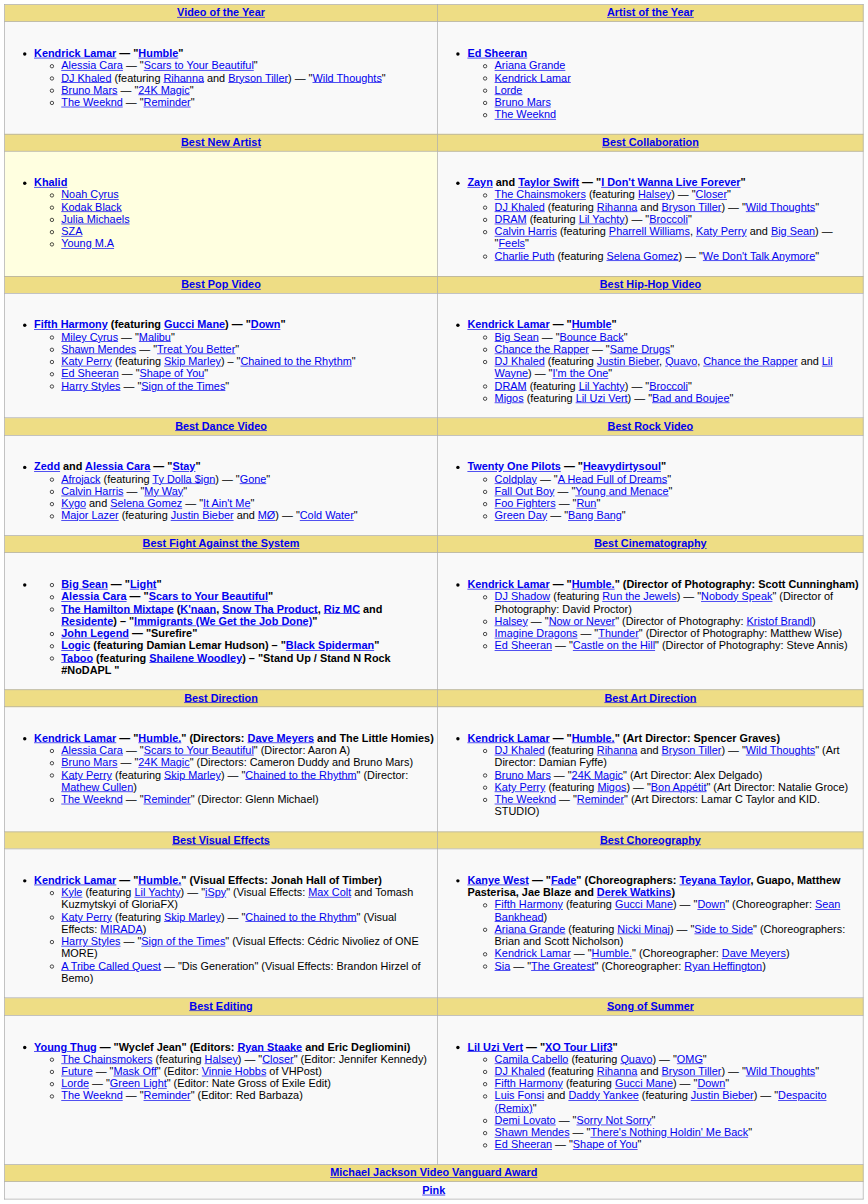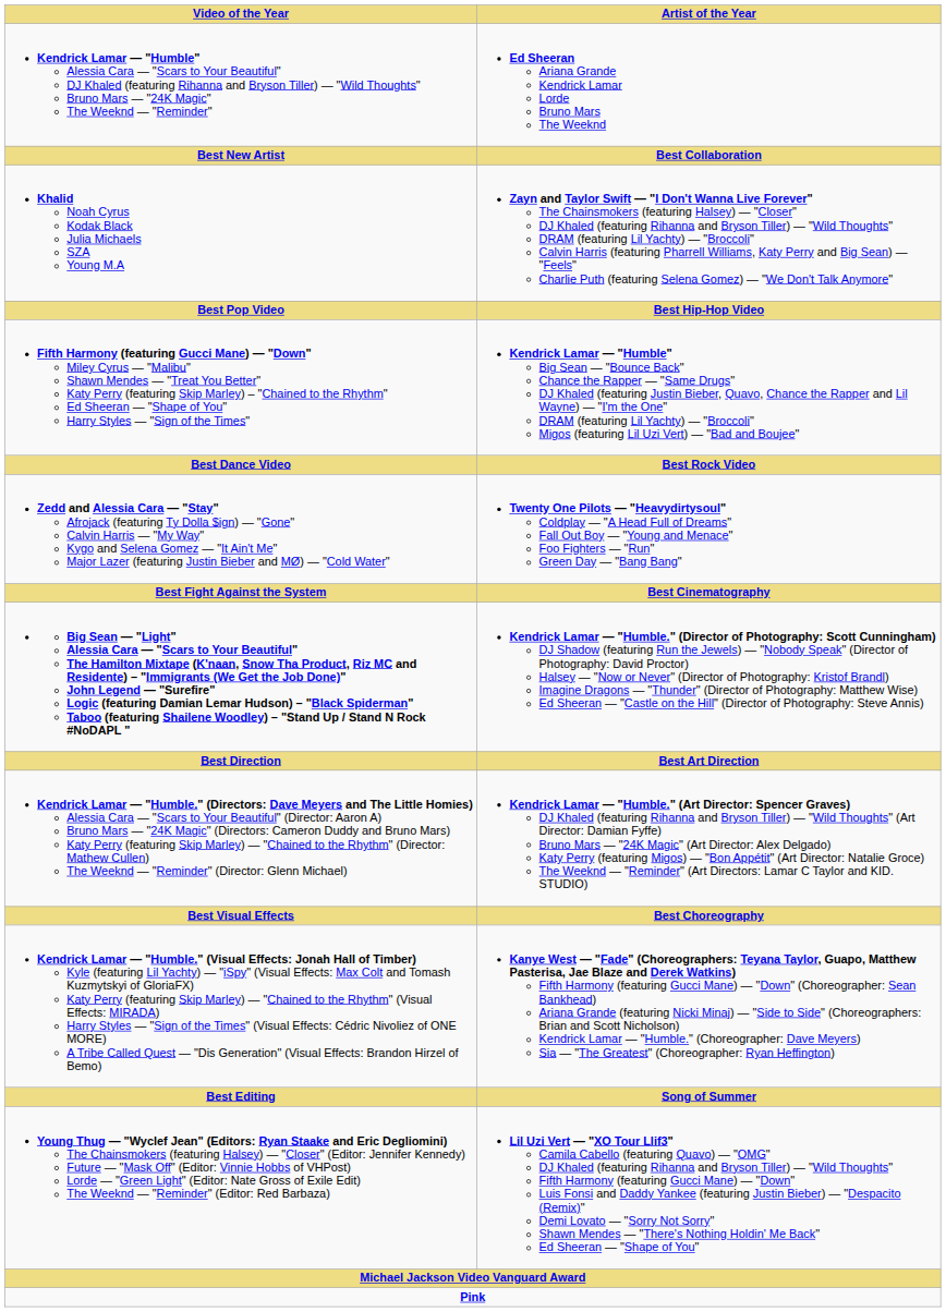 <table class=wikitable style="width:100%">
 <tr>
 <th scope="col" style="background:#EEDD85; width=;"><a href='#'>Video of the Year</a></th>
 <th scope="col" style="background:#EEDD85; width=;"><a href='#'>Artist of the Year</a></th>
 </tr>
 <tr>
 <td valign="top"><br><ul><li><strong><a href='#'>Kendrick Lamar</a> — "<a href='#'>Humble</a>"</strong><ul><li><a href='#'>Alessia Cara</a> — "<a href='#'>Scars to Your Beautiful</a>"</li><li><a href='#'>DJ Khaled</a> (featuring <a href='#'>Rihanna</a> and <a href='#'>Bryson Tiller</a>) — "<a href='#'>Wild Thoughts</a>"</li><li><a href='#'>Bruno Mars</a> — "<a href='#'>24K Magic</a>"</li><li><a href='#'>The Weeknd</a> — "<a href='#'>Reminder</a>"</li></ul></li></ul></td>
 <td valign="top"><br><ul><li><strong><a href='#'>Ed Sheeran</a></strong><ul><li><a href='#'>Ariana Grande</a></li><li><a href='#'>Kendrick Lamar</a></li><li><a href='#'>Lorde</a></li><li><a href='#'>Bruno Mars</a></li><li><a href='#'>The Weeknd</a></li></ul></li></ul></td>
 </tr>
 <tr>
 <th scope="col" style="background:#EEDD85; width=;"><a href='#'>Best New Artist</a></th>
 <th scope="col" style="background:#EEDD85; width=;"><a href='#'>Best Collaboration</a></th>
 </tr>
 <tr>
-<td valign="top" style="background: lightyellow;"><br><ul><li><strong><a href='#'>Khalid</a></strong><ul><li><a href='#'>Noah Cyrus</a></li><li><a href='#'>Kodak Black</a></li><li><a href='#'>Julia Michaels</a></li><li><a href='#'>SZA</a></li><li><a href='#'>Young M.A</a></li></ul></li></ul></td>
+<td valign="top"><br><ul><li><strong><a href='#'>Khalid</a></strong><ul><li><a href='#'>Noah Cyrus</a></li><li><a href='#'>Kodak Black</a></li><li><a href='#'>Julia Michaels</a></li><li><a href='#'>SZA</a></li><li><a href='#'>Young M.A</a></li></ul></li></ul></td>
 <td valign="top"><br><ul><li><strong><a href='#'>Zayn</a> and <a href='#'>Taylor Swift</a> — "<a href='#'>I Don't Wanna Live Forever</a>"</strong><ul><li><a href='#'>The Chainsmokers</a> (featuring <a href='#'>Halsey</a>) — "<a href='#'>Closer</a>"</li><li><a href='#'>DJ Khaled</a> (featuring <a href='#'>Rihanna</a> and <a href='#'>Bryson Tiller</a>) — "<a href='#'>Wild Thoughts</a>"</li><li><a href='#'>DRAM</a> (featuring <a href='#'>Lil Yachty</a>) — "<a href='#'>Broccoli</a>"</li><li><a href='#'>Calvin Harris</a> (featuring <a href='#'>Pharrell Williams</a>, <a href='#'>Katy Perry</a> and <a href='#'>Big Sean</a>) — "<a href='#'>Feels</a>"</li><li><a href='#'>Charlie Puth</a> (featuring <a href='#'>Selena Gomez</a>) — "<a href='#'>We Don't Talk Anymore</a>"</li></ul></li></ul></td>
 </tr>
 <tr>
 <th scope="col" style="background:#EEDD85; width=;"><a href='#'>Best Pop Video</a></th>
 <th scope="col" style="background:#EEDD85; width=;"><a href='#'>Best Hip-Hop Video</a></th>
 </tr>
 <tr>
 <td valign="top"><br><ul><li><strong><a href='#'>Fifth Harmony</a> (featuring <a href='#'>Gucci Mane</a>) — "<a href='#'>Down</a>"</strong><ul><li><a href='#'>Miley Cyrus</a> — "<a href='#'>Malibu</a>"</li><li><a href='#'>Shawn Mendes</a> — "<a href='#'>Treat You Better</a>"</li><li><a href='#'>Katy Perry</a> (featuring <a href='#'>Skip Marley</a>) – "<a href='#'>Chained to the Rhythm</a>"</li><li><a href='#'>Ed Sheeran</a> — "<a href='#'>Shape of You</a>"</li><li><a href='#'>Harry Styles</a> — "<a href='#'>Sign of the Times</a>"</li></ul></li></ul></td>
 <td valign="top"><br><ul><li><strong><a href='#'>Kendrick Lamar</a> — "<a href='#'>Humble</a>"</strong><ul><li><a href='#'>Big Sean</a> — "<a href='#'>Bounce Back</a>"</li><li><a href='#'>Chance the Rapper</a> — "<a href='#'>Same Drugs</a>"</li><li><a href='#'>DJ Khaled</a> (featuring <a href='#'>Justin Bieber</a>, <a href='#'>Quavo</a>, <a href='#'>Chance the Rapper</a> and <a href='#'>Lil Wayne</a>) — "<a href='#'>I'm the One</a>"</li><li><a href='#'>DRAM</a> (featuring <a href='#'>Lil Yachty</a>) — "<a href='#'>Broccoli</a>"</li><li><a href='#'>Migos</a> (featuring <a href='#'>Lil Uzi Vert</a>) — "<a href='#'>Bad and Boujee</a>"</li></ul></li></ul></td>
 </tr>
 <tr>
 <th scope="col" style="background:#EEDD85; width=;"><a href='#'>Best Dance Video</a></th>
 <th scope="col" style="background:#EEDD85; width=;"><a href='#'>Best Rock Video</a></th>
 </tr>
 <tr>
 <td valign="top"><br><ul><li><strong><a href='#'>Zedd</a> and <a href='#'>Alessia Cara</a> — "<a href='#'>Stay</a>"</strong><ul><li><a href='#'>Afrojack</a> (featuring <a href='#'>Ty Dolla $ign</a>) — "<a href='#'>Gone</a>"</li><li><a href='#'>Calvin Harris</a> — "<a href='#'>My Way</a>"</li><li><a href='#'>Kygo</a> and <a href='#'>Selena Gomez</a> — "<a href='#'>It Ain't Me</a>"</li><li><a href='#'>Major Lazer</a> (featuring <a href='#'>Justin Bieber</a> and <a href='#'>MØ</a>) — "<a href='#'>Cold Water</a>"</li></ul></li></ul></td>
 <td valign="top"><br><ul><li><strong><a href='#'>Twenty One Pilots</a> — "<a href='#'>Heavydirtysoul</a>"</strong><ul><li><a href='#'>Coldplay</a> — "<a href='#'>A Head Full of Dreams</a>"</li><li><a href='#'>Fall Out Boy</a> — "<a href='#'>Young and Menace</a>"</li><li><a href='#'>Foo Fighters</a> — "<a href='#'>Run</a>"</li><li><a href='#'>Green Day</a> — "<a href='#'>Bang Bang</a>"</li></ul></li></ul></td>
 </tr>
 <tr>
 <th scope="col" style="background:#EEDD85; width=;"><a href='#'>Best Fight Against the System</a></th>
 <th scope="col" style="background:#EEDD85; width=;"><a href='#'>Best Cinematography</a></th>
 </tr>
 <tr>
 <td valign="top"><br><ul><li><ul><li><strong><a href='#'>Big Sean</a> — "<a href='#'>Light</a>" </strong></li><li><strong><a href='#'>Alessia Cara</a> — "<a href='#'>Scars to Your Beautiful</a>" </strong></li><li><strong><a href='#'>The Hamilton Mixtape</a> (<a href='#'>K'naan</a>, <a href='#'>Snow Tha Product</a>, <a href='#'>Riz MC</a> and <a href='#'>Residente</a>) – "<a href='#'>Immigrants (We Get the Job Done)</a>" </strong></li><li><strong><a href='#'>John Legend</a> — "Surefire"</strong></li><li><strong><a href='#'>Logic</a> (featuring Damian Lemar Hudson) – "<a href='#'>Black Spiderman</a>" </strong></li><li><strong><a href='#'>Taboo</a> (featuring <a href='#'>Shailene Woodley</a>) – "Stand Up / Stand N Rock #NoDAPL "</strong></li></ul></li></ul></td>
 <td valign="top"><br><ul><li><strong><a href='#'>Kendrick Lamar</a> — "<a href='#'>Humble.</a>" (Director of Photography: Scott Cunningham)</strong><ul><li><a href='#'>DJ Shadow</a> (featuring <a href='#'>Run the Jewels</a>) — "<a href='#'>Nobody Speak</a>" (Director of Photography: David Proctor)</li><li><a href='#'>Halsey</a> — "<a href='#'>Now or Never</a>" (Director of Photography: <a href='#'>Kristof Brandl</a>)</li><li><a href='#'>Imagine Dragons</a> — "<a href='#'>Thunder</a>" (Director of Photography: Matthew Wise)</li><li><a href='#'>Ed Sheeran</a> — "<a href='#'>Castle on the Hill</a>" (Director of Photography: Steve Annis)</li></ul></li></ul></td>
 </tr>
 <tr>
 <th scope="col" style="background:#EEDD85; width=;"><a href='#'>Best Direction</a></th>
 <th scope="col" style="background:#EEDD85; width=;"><a href='#'>Best Art Direction</a></th>
 </tr>
 <tr>
 <td valign="top"><br><ul><li><strong><a href='#'>Kendrick Lamar</a> — "<a href='#'>Humble.</a>" (Directors: <a href='#'>Dave Meyers</a> and The Little Homies)</strong><ul><li><a href='#'>Alessia Cara</a> — "<a href='#'>Scars to Your Beautiful</a>" (Director: Aaron A)</li><li><a href='#'>Bruno Mars</a> — "<a href='#'>24K Magic</a>" (Directors: Cameron Duddy and Bruno Mars)</li><li><a href='#'>Katy Perry</a> (featuring <a href='#'>Skip Marley</a>) — "<a href='#'>Chained to the Rhythm</a>" (Director: <a href='#'>Mathew Cullen</a>)</li><li><a href='#'>The Weeknd</a> — "<a href='#'>Reminder</a>" (Director: Glenn Michael)</li></ul></li></ul></td>
 <td valign="top"><br><ul><li><strong><a href='#'>Kendrick Lamar</a> — "<a href='#'>Humble.</a>" (Art Director: Spencer Graves)</strong><ul><li><a href='#'>DJ Khaled</a> (featuring <a href='#'>Rihanna</a> and <a href='#'>Bryson Tiller</a>) — "<a href='#'>Wild Thoughts</a>" (Art Director: Damian Fyffe)</li><li><a href='#'>Bruno Mars</a> — "<a href='#'>24K Magic</a>" (Art Director: Alex Delgado)</li><li><a href='#'>Katy Perry</a> (featuring <a href='#'>Migos</a>) — "<a href='#'>Bon Appétit</a>" (Art Director: Natalie Groce)</li><li><a href='#'>The Weeknd</a> — "<a href='#'>Reminder</a>" (Art Directors: Lamar C Taylor and KID. STUDIO)</li></ul></li></ul></td>
 </tr>
 <tr>
 <th scope="col" style="background:#EEDD85; width=;"><a href='#'>Best Visual Effects</a></th>
 <th scope="col" style="background:#EEDD85; width=;"><a href='#'>Best Choreography</a></th>
 </tr>
 <tr>
 <td valign="top"><br><ul><li><strong><a href='#'>Kendrick Lamar</a> — "<a href='#'>Humble.</a>" (Visual Effects: Jonah Hall of Timber)</strong><ul><li><a href='#'>Kyle</a> (featuring <a href='#'>Lil Yachty</a>) — "<a href='#'>iSpy</a>" (Visual Effects: <a href='#'>Max Colt</a> and Tomash Kuzmytskyi of GloriaFX)</li><li><a href='#'>Katy Perry</a> (featuring <a href='#'>Skip Marley</a>) — "<a href='#'>Chained to the Rhythm</a>" (Visual Effects: <a href='#'>MIRADA</a>)</li><li><a href='#'>Harry Styles</a> — "<a href='#'>Sign of the Times</a>" (Visual Effects: Cédric Nivoliez of ONE MORE)</li><li><a href='#'>A Tribe Called Quest</a> — "Dis Generation" (Visual Effects: Brandon Hirzel of Bemo)</li></ul></li></ul></td>
 <td valign="top"><br><ul><li><strong><a href='#'>Kanye West</a> — "<a href='#'>Fade</a>" (Choreographers: <a href='#'>Teyana Taylor</a>, Guapo, Matthew Pasterisa, Jae Blaze and <a href='#'>Derek Watkins</a>)</strong><ul><li><a href='#'>Fifth Harmony</a> (featuring <a href='#'>Gucci Mane</a>) — "<a href='#'>Down</a>" (Choreographer: <a href='#'>Sean Bankhead</a>)</li><li><a href='#'>Ariana Grande</a> (featuring <a href='#'>Nicki Minaj</a>) — "<a href='#'>Side to Side</a>" (Choreographers: Brian and Scott Nicholson)</li><li><a href='#'>Kendrick Lamar</a> — "<a href='#'>Humble.</a>" (Choreographer: <a href='#'>Dave Meyers</a>)</li><li><a href='#'>Sia</a> — "<a href='#'>The Greatest</a>" (Choreographer: <a href='#'>Ryan Heffington</a>)</li></ul></li></ul></td>
 </tr>
 <tr>
 <th scope="col" style="background:#EEDD85; width=;"><a href='#'>Best Editing</a></th>
 <th scope="col" style="background:#EEDD85; width=;"><a href='#'>Song of Summer</a></th>
 </tr>
 <tr>
 <td valign="top"><br><ul><li><strong><a href='#'>Young Thug</a> — "Wyclef Jean" (Editors: <a href='#'>Ryan Staake</a> and Eric Degliomini)</strong><ul><li><a href='#'>The Chainsmokers</a> (featuring <a href='#'>Halsey</a>) — "<a href='#'>Closer</a>" (Editor: Jennifer Kennedy)</li><li><a href='#'>Future</a> — "<a href='#'>Mask Off</a>" (Editor: <a href='#'>Vinnie Hobbs</a> of VHPost)</li><li><a href='#'>Lorde</a> — "<a href='#'>Green Light</a>" (Editor: Nate Gross of Exile Edit)</li><li><a href='#'>The Weeknd</a> — "<a href='#'>Reminder</a>" (Editor: Red Barbaza)</li></ul></li></ul></td>
 <td valign="top'"><br><ul><li><strong><a href='#'>Lil Uzi Vert</a> — "<a href='#'>XO Tour Llif3</a>"</strong><ul><li><a href='#'>Camila Cabello</a> (featuring <a href='#'>Quavo</a>) — "<a href='#'>OMG</a>"</li><li><a href='#'>DJ Khaled</a> (featuring <a href='#'>Rihanna</a> and <a href='#'>Bryson Tiller</a>) — "<a href='#'>Wild Thoughts</a>"</li><li><a href='#'>Fifth Harmony</a> (featuring <a href='#'>Gucci Mane</a>) — "<a href='#'>Down</a>"</li><li><a href='#'>Luis Fonsi</a> and <a href='#'>Daddy Yankee</a> (featuring <a href='#'>Justin Bieber</a>) — "<a href='#'>Despacito (Remix)</a>"</li><li><a href='#'>Demi Lovato</a> — "<a href='#'>Sorry Not Sorry</a>"</li><li><a href='#'>Shawn Mendes</a> — "<a href='#'>There's Nothing Holdin' Me Back</a>"</li><li><a href='#'>Ed Sheeran</a> — "<a href='#'>Shape of You</a>"</li></ul></li></ul></td>
 </tr>
 <tr>
 <th style="background:#EEDD82; width=50%" colspan="2"><a href='#'>Michael Jackson Video Vanguard Award</a></th>
 </tr>
 <tr>
 <td scope="row" colspan="2" style="text-align: center;"><strong><a href='#'>Pink</a></strong></td>
 </tr>
 </table>
